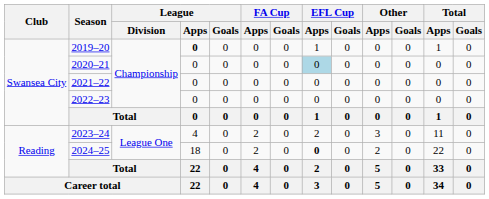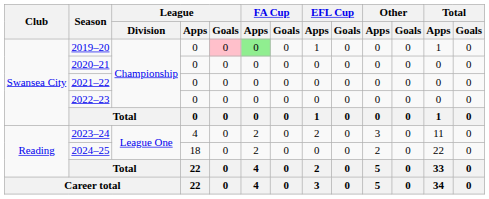 <table class="wikitable" style="text-align:center">
 <tr>
 <th rowspan=2>Club</th>
 <th rowspan=2>Season</th>
 <th colspan=3>League</th>
 <th colspan=2><a href='#'>FA Cup</a></th>
 <th colspan=2><a href='#'>EFL Cup</a></th>
 <th colspan=2>Other</th>
 <th colspan=2>Total</th>
 </tr>
 <tr>
 <th>Division</th>
 <th>Apps</th>
 <th>Goals</th>
 <th>Apps</th>
 <th>Goals</th>
 <th>Apps</th>
 <th>Goals</th>
 <th>Apps</th>
 <th>Goals</th>
 <th>Apps</th>
 <th>Goals</th>
 </tr>
 <tr>
 <td rowspan="5"><a href='#'>Swansea City</a></td>
 <td><a href='#'>2019–20</a></td>
 <td rowspan="4"><a href='#'>Championship</a></td>
-<td><strong>0</strong></td>
 <td>0</td>
-<td>0</td>
+<td style="background: pink;">0</td>
+<td style="background: lightgreen;">0</td>
 <td>0</td>
 <td>1</td>
 <td>0</td>
 <td>0</td>
 <td>0</td>
 <td>1</td>
 <td>0</td>
 </tr>
 <tr>
 <td><a href='#'>2020–21</a></td>
 <td>0</td>
 <td>0</td>
 <td>0</td>
 <td>0</td>
-<td style="background: lightblue;">0</td>
+<td>0</td>
 <td>0</td>
 <td>0</td>
 <td>0</td>
 <td>0</td>
 <td>0</td>
 </tr>
 <tr>
 <td><a href='#'>2021–22</a></td>
 <td>0</td>
 <td>0</td>
 <td>0</td>
 <td>0</td>
 <td>0</td>
 <td>0</td>
 <td>0</td>
 <td>0</td>
 <td>0</td>
 <td>0</td>
 </tr>
 <tr>
 <td><a href='#'>2022–23</a></td>
 <td>0</td>
 <td>0</td>
 <td>0</td>
 <td>0</td>
 <td>0</td>
 <td>0</td>
 <td>0</td>
 <td>0</td>
 <td>0</td>
 <td>0</td>
 </tr>
 <tr>
 <th colspan="2">Total</th>
 <th>0</th>
 <th>0</th>
 <th>0</th>
 <th>0</th>
 <th>1</th>
 <th>0</th>
 <th>0</th>
 <th>0</th>
 <th>1</th>
 <th>0</th>
 </tr>
 <tr>
 <td rowspan="3"><a href='#'>Reading</a></td>
 <td><a href='#'>2023–24</a></td>
 <td rowspan="2"><a href='#'>League One</a></td>
 <td>4</td>
 <td>0</td>
 <td>2</td>
 <td>0</td>
 <td>2</td>
 <td>0</td>
 <td>3</td>
 <td>0</td>
 <td>11</td>
 <td>0</td>
 </tr>
 <tr>
 <td><a href='#'>2024–25</a></td>
 <td>18</td>
 <td>0</td>
 <td>2</td>
 <td>0</td>
-<td><strong>0</strong></td>
+<td>0</td>
 <td>0</td>
 <td>2</td>
 <td>0</td>
 <td>22</td>
 <td>0</td>
 </tr>
 <tr>
 <th colspan="2">Total</th>
 <th>22</th>
 <th>0</th>
 <th>4</th>
 <th>0</th>
 <th>2</th>
 <th>0</th>
 <th>5</th>
 <th>0</th>
 <th>33</th>
 <th>0</th>
 </tr>
 <tr>
 <th colspan="3">Career total</th>
 <th>22</th>
 <th>0</th>
 <th>4</th>
 <th>0</th>
 <th>3</th>
 <th>0</th>
 <th>5</th>
 <th>0</th>
 <th>34</th>
 <th>0</th>
 </tr>
 </table>
